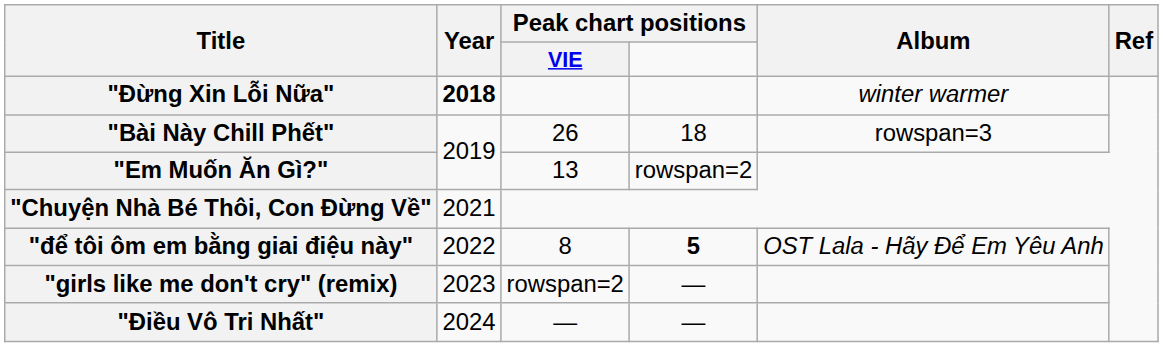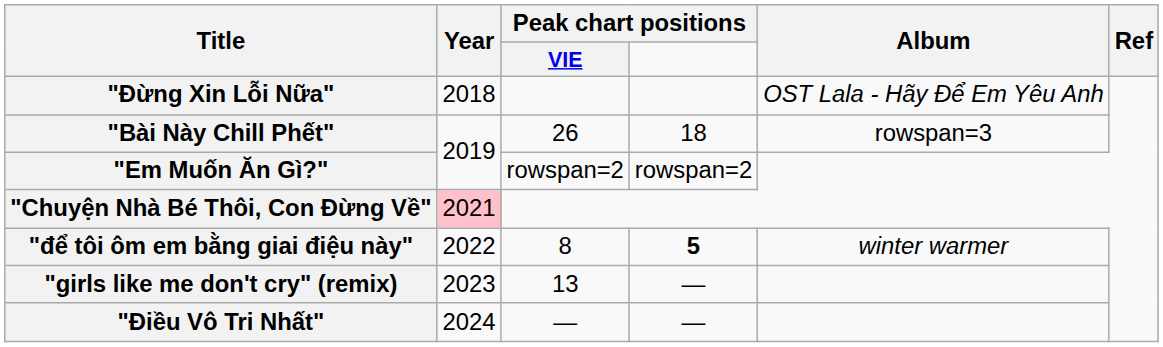 <table class="wikitable plainrowheaders" style="text-align:center">
 <tr>
 <th rowspan="2">Title</th>
 <th rowspan="2">Year</th>
 <th colspan="2”">Peak chart positions</th>
 <th rowspan="2">Album</th>
 <th scope="col" class="unsortable" rowspan="2">Ref</th>
 </tr>
 <tr>
 <th style="width:3em;font-size:90%;"><a href='#'>VIE</a><br></th>
 </tr>
 <tr>
 <th scope="row">"Đừng Xin Lỗi Nữa"<br></th>
-<td><strong>2018</strong></td>
+<td>2018</td>
 <td></td>
 <td></td>
-<td><em>winter warmer</em></td>
+<td><em>OST Lala - Hãy Để Em Yêu Anh</em></td>
 </tr>
 <tr>
 <th scope="row">"Bài Này Chill Phết"<br></th>
 <td rowspan="2">2019</td>
 <td>26</td>
 <td>18</td>
 <td>rowspan=3 </td>
 </tr>
 <tr>
 <th scope="row">"Em Muốn Ăn Gì?"<br></th>
-<td>13</td>
+<td>rowspan=2 </td>
 <td>rowspan=2 </td>
 </tr>
 <tr>
 <th scope="row">"Chuyện Nhà Bé Thôi, Con Đừng Về"<br></th>
-<td>2021</td>
+<td style="background: pink;">2021</td>
 </tr>
 <tr>
 <th scope="row">"để tôi ôm em bằng giai điệu này"<br></th>
 <td>2022</td>
 <td>8</td>
 <td><strong>5</strong></td>
-<td><em>OST Lala - Hãy Để Em Yêu Anh</em></td>
+<td><em>winter warmer</em></td>
 </tr>
 <tr>
 <th scope="row">"girls like me don't cry" (remix)<br></th>
 <td>2023</td>
-<td>rowspan=2 </td>
+<td>13</td>
 <td>—</td>
 <td></td>
 </tr>
 <tr>
 <th scope="row">"Điều Vô Tri Nhất" </th>
 <td>2024</td>
 <td>—</td>
 <td>—</td>
 <td></td>
 </tr>
 </table>
